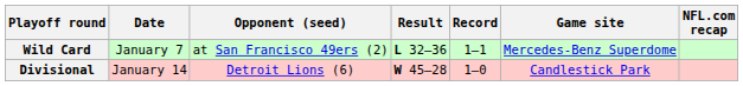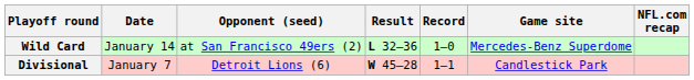 <table class="wikitable" style="text-align:center">
 <tr>
 <th>Playoff round</th>
 <th>Date</th>
 <th>Opponent (seed)</th>
 <th>Result</th>
 <th>Record</th>
 <th>Game site</th>
 <th>NFL.com<br>recap</th>
 </tr>
 <tr style="background:#cfc">
 <th>Wild Card</th>
-<td>January 7</td>
+<td>January 14</td>
 <td>at <a href='#'>San Francisco 49ers</a> (2)</td>
 <td><strong>L</strong> 32–36</td>
-<td>1–1</td>
+<td>1–0</td>
 <td><a href='#'>Mercedes-Benz Superdome</a></td>
 <td></td>
 </tr>
 <tr style="background:#fcc">
 <th><strong>Divisional</strong></th>
-<td>January 14</td>
+<td>January 7</td>
 <td><a href='#'>Detroit Lions</a> (6)</td>
 <td><strong>W</strong> 45–28</td>
-<td>1–0</td>
+<td>1–1</td>
 <td><a href='#'>Candlestick Park</a></td>
 <td></td>
 </tr>
 </table>
